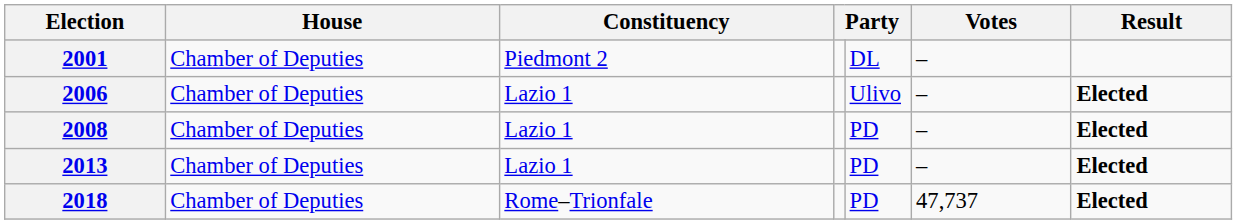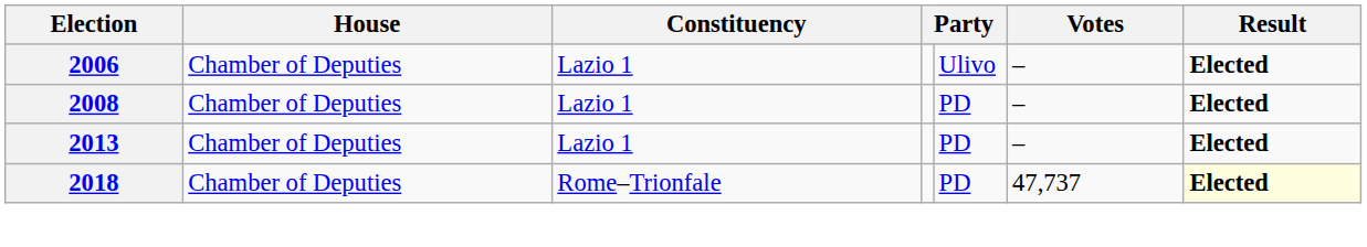 <table class=wikitable style="width:55%; border:1px #AAAAFF solid">
 <tr>
 <th width=12%>Election</th>
 <th width=25%>House</th>
 <th width=25%>Constituency</th>
 <th width=5% colspan="2">Party</th>
 <th width=12%>Votes</th>
 <th width=12%>Result</th>
-</tr>
-<tr>
-<th><a href='#'>2001</a></th>
-<td><a href='#'>Chamber of Deputies</a></td>
-<td><a href='#'>Piedmont 2</a></td>
-<td></td>
-<td><a href='#'>DL</a></td>
-<td>–</td>
-<td></td>
 </tr>
 <tr>
 <th><a href='#'>2006</a></th>
 <td><a href='#'>Chamber of Deputies</a></td>
 <td><a href='#'>Lazio 1</a></td>
 <td></td>
 <td><a href='#'>Ulivo</a></td>
 <td>–</td>
 <td> <strong>Elected</strong></td>
 </tr>
 <tr>
 <th><a href='#'>2008</a></th>
 <td><a href='#'>Chamber of Deputies</a></td>
 <td><a href='#'>Lazio 1</a></td>
 <td></td>
 <td><a href='#'>PD</a></td>
 <td>–</td>
 <td> <strong>Elected</strong></td>
 </tr>
 <tr>
 <th><a href='#'>2013</a></th>
 <td><a href='#'>Chamber of Deputies</a></td>
 <td><a href='#'>Lazio 1</a></td>
 <td></td>
 <td><a href='#'>PD</a></td>
 <td>–</td>
 <td> <strong>Elected</strong></td>
 </tr>
 <tr>
 <th><a href='#'>2018</a></th>
 <td><a href='#'>Chamber of Deputies</a></td>
 <td><a href='#'>Rome</a>–<a href='#'>Trionfale</a></td>
 <td></td>
 <td><a href='#'>PD</a></td>
 <td>47,737</td>
-<td> <strong>Elected</strong></td>
+<td style="background: lightyellow;"> <strong>Elected</strong></td>
 </tr>
 </table>
